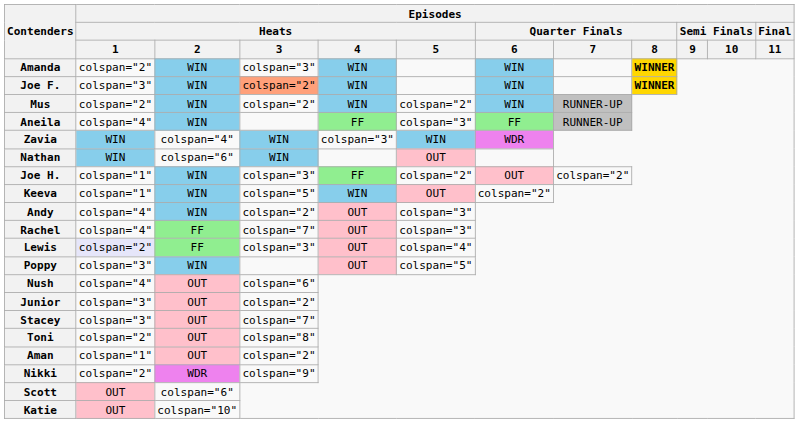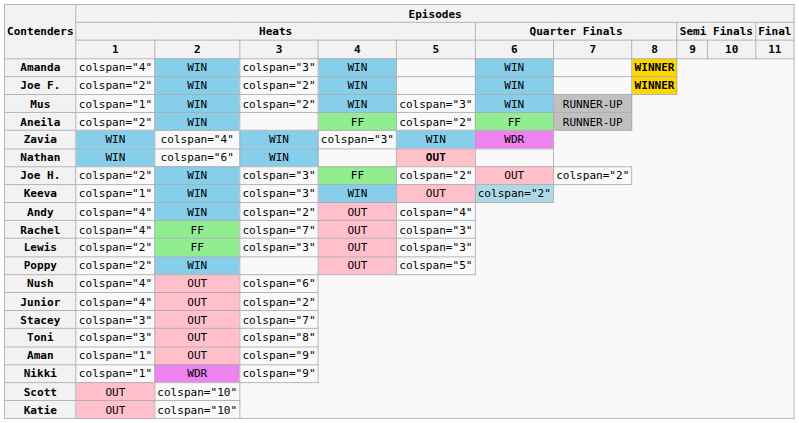 <table class="wikitable" style="text-align:center">
 <tr>
 <th rowspan="3">Contenders</th>
 <th colspan="11">Episodes</th>
 </tr>
 <tr>
 <th colspan="5">Heats</th>
 <th colspan="3">Quarter Finals</th>
 <th colspan="2">Semi Finals</th>
 <th colspan="1">Final</th>
 </tr>
 <tr>
 <th>1</th>
 <th>2</th>
 <th>3</th>
 <th>4</th>
 <th>5</th>
 <th>6</th>
 <th>7</th>
 <th>8</th>
 <th>9</th>
 <th>10</th>
 <th>11</th>
 </tr>
 <tr>
 <th>Amanda</th>
-<td>colspan="2" </td>
+<td>colspan="4" </td>
 <td bgcolor="skyblue">WIN</td>
 <td>colspan="3" </td>
 <td bgcolor="skyblue">WIN</td>
 <td></td>
 <td bgcolor="skyblue">WIN</td>
 <td></td>
 <td bgcolor="gold"><strong>WINNER</strong></td>
 </tr>
 <tr>
 <th>Joe F.</th>
-<td>colspan="3" </td>
+<td>colspan="2" </td>
 <td bgcolor="skyblue">WIN</td>
-<td style="background: lightsalmon;">colspan="2" </td>
+<td>colspan="2" </td>
 <td bgcolor="skyblue">WIN</td>
 <td></td>
 <td bgcolor="skyblue">WIN</td>
 <td></td>
 <td bgcolor="gold"><strong>WINNER</strong></td>
 </tr>
 <tr>
 <th>Mus</th>
-<td>colspan="2" </td>
+<td>colspan="1" </td>
 <td bgcolor="skyblue">WIN</td>
 <td>colspan="2" </td>
 <td bgcolor="skyblue">WIN</td>
-<td>colspan="2" </td>
+<td>colspan="3" </td>
 <td bgcolor="skyblue">WIN</td>
 <td bgcolor="silver">RUNNER-UP</td>
 </tr>
 <tr>
 <th>Aneila</th>
-<td>colspan="4" </td>
+<td>colspan="2" </td>
 <td bgcolor="skyblue">WIN</td>
 <td></td>
 <td bgcolor="lightgreen">FF</td>
-<td>colspan="3" </td>
+<td>colspan="2" </td>
 <td bgcolor="lightgreen">FF</td>
 <td bgcolor="silver">RUNNER-UP</td>
 </tr>
 <tr>
 <th>Zavia</th>
 <td bgcolor="skyblue">WIN</td>
 <td>colspan="4" </td>
 <td bgcolor="skyblue">WIN</td>
 <td>colspan="3" </td>
 <td bgcolor="skyblue">WIN</td>
 <td bgcolor="violet">WDR</td>
 </tr>
 <tr>
 <th>Nathan</th>
 <td bgcolor="skyblue">WIN</td>
 <td>colspan="6" </td>
 <td bgcolor="skyblue">WIN</td>
 <td></td>
-<td bgcolor="pink">OUT</td>
+<td bgcolor="pink"><strong>OUT</strong></td>
 <td></td>
 </tr>
 <tr>
 <th>Joe H.</th>
-<td>colspan="1" </td>
+<td>colspan="2" </td>
 <td bgcolor="skyblue">WIN</td>
 <td>colspan="3" </td>
 <td bgcolor="lightgreen">FF</td>
 <td>colspan="2" </td>
 <td bgcolor="pink">OUT</td>
 <td>colspan="2" </td>
 </tr>
 <tr>
 <th>Keeva</th>
 <td>colspan="1" </td>
 <td bgcolor="skyblue">WIN</td>
-<td>colspan="5" </td>
+<td>colspan="3" </td>
 <td bgcolor="skyblue">WIN</td>
 <td bgcolor="pink">OUT</td>
-<td>colspan="2" </td>
+<td style="background: lightblue;">colspan="2" </td>
 </tr>
 <tr>
 <th>Andy</th>
 <td>colspan="4" </td>
 <td bgcolor="skyblue">WIN</td>
 <td>colspan="2" </td>
 <td bgcolor="pink">OUT</td>
-<td>colspan="3" </td>
+<td>colspan="4" </td>
 </tr>
 <tr>
 <th>Rachel</th>
 <td>colspan="4" </td>
 <td bgcolor="lightgreen">FF</td>
 <td>colspan="7" </td>
 <td bgcolor="pink">OUT</td>
 <td>colspan="3" </td>
 </tr>
 <tr>
 <th>Lewis</th>
-<td style="background: lavender;">colspan="2" </td>
+<td>colspan="2" </td>
 <td bgcolor="lightgreen">FF</td>
 <td>colspan="3" </td>
 <td bgcolor="pink">OUT</td>
-<td>colspan="4" </td>
+<td>colspan="3" </td>
 </tr>
 <tr>
 <th>Poppy</th>
-<td>colspan="3" </td>
+<td>colspan="2" </td>
 <td bgcolor="skyblue">WIN</td>
 <td></td>
 <td bgcolor="pink">OUT</td>
 <td>colspan="5" </td>
 </tr>
 <tr>
 <th>Nush</th>
 <td>colspan="4" </td>
 <td bgcolor="pink">OUT</td>
 <td>colspan="6" </td>
 </tr>
 <tr>
 <th>Junior</th>
-<td>colspan="3" </td>
+<td>colspan="4" </td>
 <td bgcolor="pink">OUT</td>
 <td>colspan="2" </td>
 </tr>
 <tr>
 <th>Stacey</th>
 <td>colspan="3" </td>
 <td bgcolor="pink">OUT</td>
 <td>colspan="7" </td>
 </tr>
 <tr>
 <th>Toni</th>
-<td>colspan="2" </td>
+<td>colspan="3" </td>
 <td bgcolor="pink">OUT</td>
 <td>colspan="8" </td>
 </tr>
 <tr>
 <th>Aman</th>
 <td>colspan="1" </td>
 <td bgcolor="pink">OUT</td>
-<td>colspan="2" </td>
+<td>colspan="9" </td>
 </tr>
 <tr>
 <th>Nikki</th>
-<td>colspan="2" </td>
+<td>colspan="1" </td>
 <td bgcolor="violet">WDR</td>
 <td>colspan="9" </td>
 </tr>
 <tr>
 <th>Scott</th>
 <td bgcolor="pink">OUT</td>
-<td>colspan="6" </td>
+<td>colspan="10" </td>
 </tr>
 <tr>
 <th>Katie</th>
 <td bgcolor="pink">OUT</td>
 <td>colspan="10" </td>
 </tr>
 </table>
